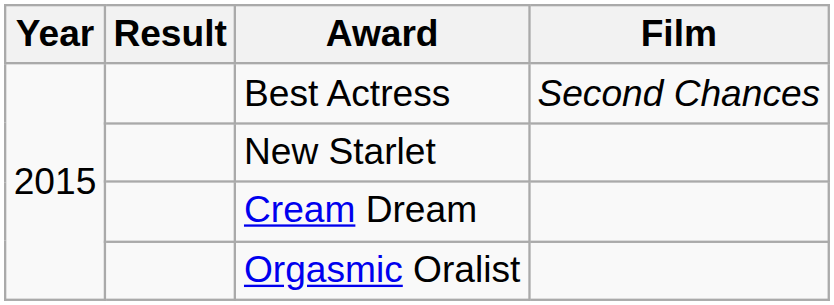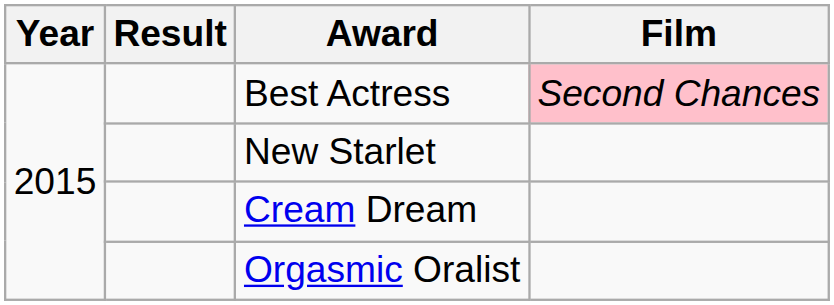 <table class="wikitable">
 <tr>
 <th>Year</th>
 <th>Result</th>
 <th>Award</th>
 <th>Film</th>
 </tr>
 <tr>
 <td rowspan="4">2015</td>
 <td></td>
 <td>Best Actress</td>
-<td><em>Second Chances</em></td>
+<td style="background: pink;"><em>Second Chances</em></td>
 </tr>
 <tr>
 <td></td>
 <td>New Starlet</td>
 <td></td>
 </tr>
 <tr>
 <td></td>
 <td><a href='#'>Cream</a> Dream</td>
 <td></td>
 </tr>
 <tr>
 <td></td>
 <td><a href='#'>Orgasmic</a> Oralist</td>
 <td></td>
 </tr>
 </table>
